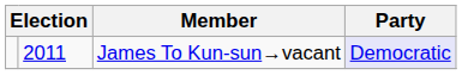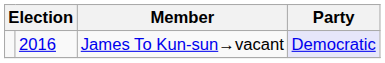 <table class="wikitable">
 <tr>
 <th colspan="2">Election</th>
 <th>Member</th>
 <th>Party</th>
 </tr>
 <tr>
 <td style="background-color: "></td>
-<td><a href='#'>2011</a></td>
+<td><a href='#'>2016</a></td>
 <td><a href='#'>James To Kun-sun</a>→vacant</td>
 <td style="background: lavender;"><a href='#'>Democratic</a></td>
 </tr>
 <tr>
 </tr>
 </table>
